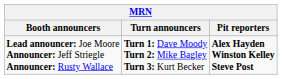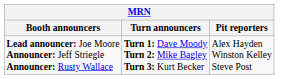 <table class="wikitable" style="font-size: 95%">
 <tr>
 <th colspan="3"><a href='#'>MRN</a></th>
 </tr>
 <tr>
 <th>Booth announcers</th>
 <th>Turn announcers</th>
 <th>Pit reporters</th>
 </tr>
 <tr>
 <td><strong>Lead announcer:</strong> Joe Moore<br><strong>Announcer:</strong> Jeff Striegle<br><strong>Announcer:</strong> <a href='#'>Rusty Wallace</a></td>
 <td><strong>Turn 1:</strong> <a href='#'>Dave Moody</a><br><strong>Turn 2:</strong> <a href='#'>Mike Bagley</a><br><strong>Turn 3:</strong> Kurt Becker</td>
-<td><strong>Alex Hayden<br>Winston Kelley<br>Steve Post</strong></td>
+<td>Alex Hayden<br>Winston Kelley<br>Steve Post</td>
 </tr>
 </table>
